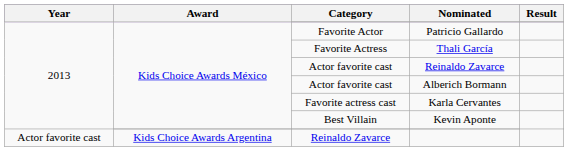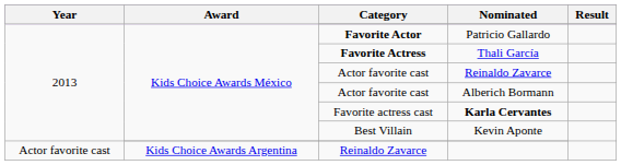 <table class="wikitable" width=800px>
 <tr style="background:#96c; text-align:center;">
 <th>Year</th>
 <th>Award</th>
 <th>Category</th>
 <th>Nominated</th>
 <th>Result</th>
 </tr>
 <tr>
 <td style="text-align: center; top" rowspan="9">2013</td>
 <td style="text-align: center; top" rowspan="7"><a href='#'>Kids Choice Awards México</a></td>
 </tr>
 <tr style="text-align: center; top">
-<td>Favorite Actor</td>
+<td><strong>Favorite Actor</strong></td>
 <td>Patricio Gallardo</td>
 <td></td>
 </tr>
 <tr style="text-align: center; top">
-<td>Favorite Actress</td>
+<td><strong>Favorite Actress</strong></td>
 <td><a href='#'>Thali García</a></td>
 <td></td>
 </tr>
 <tr style="text-align: center; top">
 <td>Actor favorite cast</td>
 <td><a href='#'>Reinaldo Zavarce</a></td>
 <td></td>
 </tr>
 <tr style="text-align: center; top">
 <td>Actor favorite cast</td>
 <td>Alberich Bormann</td>
 <td></td>
 </tr>
 <tr style="text-align: center; top">
 <td>Favorite actress cast</td>
-<td>Karla Cervantes</td>
+<td><strong>Karla Cervantes</strong></td>
 <td></td>
 </tr>
 <tr style="text-align: center; top">
 <td>Best Villain</td>
 <td>Kevin Aponte</td>
 <td></td>
 </tr>
 <tr>
 </tr>
 <tr style="text-align: center; top">
 <td style="text-align: center; top" rowspan="7"><a href='#'>Kids Choice Awards Argentina</a></td>
 </tr>
 <tr style="text-align: center; top">
 <td>Actor favorite cast</td>
 <td><a href='#'>Reinaldo Zavarce</a></td>
 <td></td>
 </tr>
 </table>
